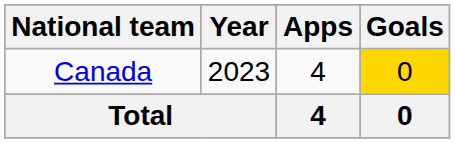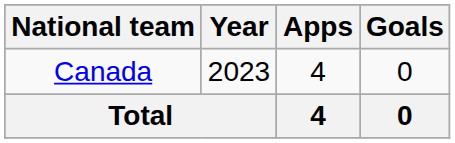 <table class="wikitable" style="text-align:center">
 <tr>
 <th>National team</th>
 <th>Year</th>
 <th>Apps</th>
 <th>Goals</th>
 </tr>
 <tr>
 <td rowspan="1"><a href='#'>Canada</a></td>
 <td>2023</td>
 <td>4</td>
-<td style="background: gold;">0</td>
+<td>0</td>
 </tr>
 <tr>
 <th colspan="2">Total</th>
 <th>4</th>
 <th>0</th>
 </tr>
 </table>
